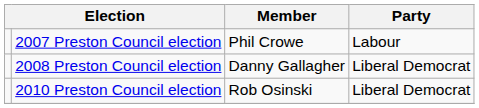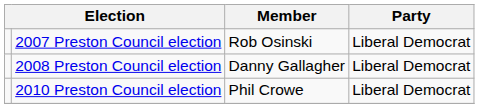 <table class="wikitable">
 <tr>
 <th colspan="2">Election</th>
 <th>Member</th>
 <th>Party</th>
 </tr>
 <tr>
 <td style="background-color: "></td>
 <td><a href='#'>2007 Preston Council election</a></td>
-<td>Phil Crowe</td>
-<td>Labour</td>
+<td>Rob Osinski</td>
+<td>Liberal Democrat</td>
 </tr>
 <tr>
 <td style="background-color: "></td>
 <td><a href='#'>2008 Preston Council election</a></td>
 <td>Danny Gallagher</td>
 <td>Liberal Democrat</td>
 </tr>
 <tr>
 <td style="background-color: "></td>
 <td><a href='#'>2010 Preston Council election</a></td>
-<td>Rob Osinski</td>
+<td>Phil Crowe</td>
 <td>Liberal Democrat</td>
 </tr>
 <tr>
 </tr>
 </table>
